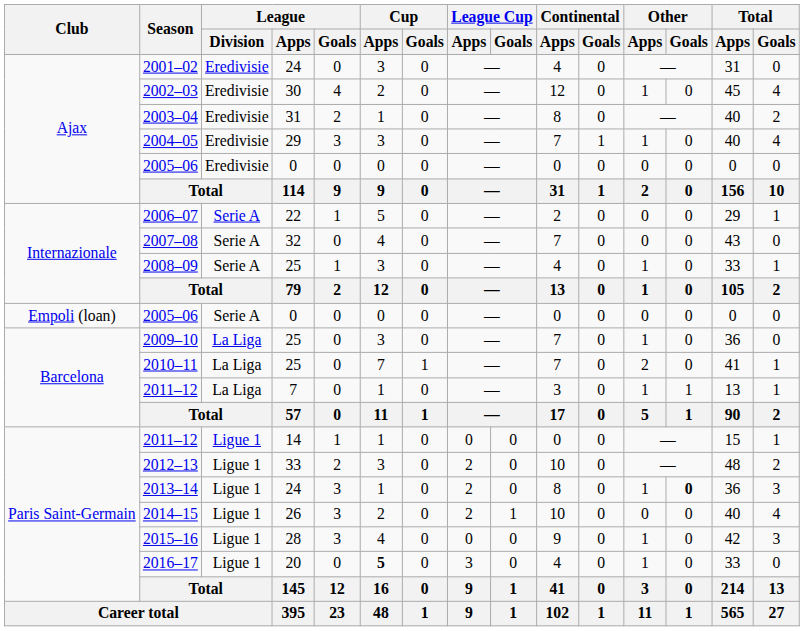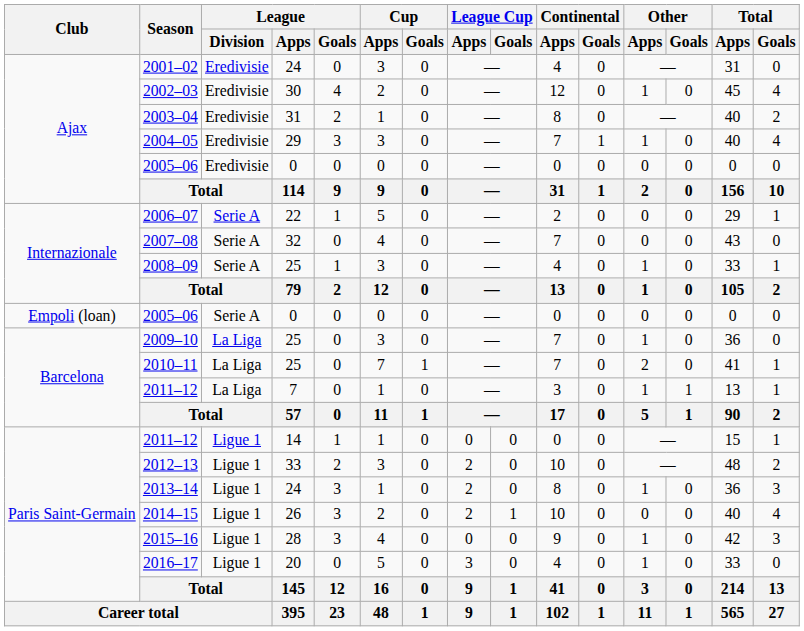 <table class="wikitable" style="text-align: center;">
 <tr>
 <th rowspan="2">Club</th>
 <th rowspan="2">Season</th>
 <th colspan="3">League</th>
 <th colspan="2">Cup</th>
 <th colspan="2"><a href='#'>League Cup</a></th>
 <th colspan="2">Continental</th>
 <th colspan="2">Other</th>
 <th colspan="2">Total</th>
 </tr>
 <tr>
 <th>Division</th>
 <th>Apps</th>
 <th>Goals</th>
 <th>Apps</th>
 <th>Goals</th>
 <th>Apps</th>
 <th>Goals</th>
 <th>Apps</th>
 <th>Goals</th>
 <th>Apps</th>
 <th>Goals</th>
 <th>Apps</th>
 <th>Goals</th>
 </tr>
 <tr>
 <td rowspan="6"><a href='#'>Ajax</a></td>
 <td><a href='#'>2001–02</a></td>
 <td><a href='#'>Eredivisie</a></td>
 <td>24</td>
 <td>0</td>
 <td>3</td>
 <td>0</td>
 <td colspan="2">—</td>
 <td>4</td>
 <td>0</td>
 <td colspan="2">—</td>
 <td>31</td>
 <td>0</td>
 </tr>
 <tr>
 <td><a href='#'>2002–03</a></td>
 <td>Eredivisie</td>
 <td>30</td>
 <td>4</td>
 <td>2</td>
 <td>0</td>
 <td colspan="2">—</td>
 <td>12</td>
 <td>0</td>
 <td>1</td>
 <td>0</td>
 <td>45</td>
 <td>4</td>
 </tr>
 <tr>
 <td><a href='#'>2003–04</a></td>
 <td>Eredivisie</td>
 <td>31</td>
 <td>2</td>
 <td>1</td>
 <td>0</td>
 <td colspan="2">—</td>
 <td>8</td>
 <td>0</td>
 <td colspan="2">—</td>
 <td>40</td>
 <td>2</td>
 </tr>
 <tr>
 <td><a href='#'>2004–05</a></td>
 <td>Eredivisie</td>
 <td>29</td>
 <td>3</td>
 <td>3</td>
 <td>0</td>
 <td colspan="2">—</td>
 <td>7</td>
 <td>1</td>
 <td>1</td>
 <td>0</td>
 <td>40</td>
 <td>4</td>
 </tr>
 <tr>
 <td><a href='#'>2005–06</a></td>
 <td>Eredivisie</td>
 <td>0</td>
 <td>0</td>
 <td>0</td>
 <td>0</td>
 <td colspan="2">—</td>
 <td>0</td>
 <td>0</td>
 <td>0</td>
 <td>0</td>
 <td>0</td>
 <td>0</td>
 </tr>
 <tr>
 <th colspan="2">Total</th>
 <th>114</th>
 <th>9</th>
 <th>9</th>
 <th>0</th>
 <th colspan="2">—</th>
 <th>31</th>
 <th>1</th>
 <th>2</th>
 <th>0</th>
 <th>156</th>
 <th>10</th>
 </tr>
 <tr>
 <td rowspan="4"><a href='#'>Internazionale</a></td>
 <td><a href='#'>2006–07</a></td>
 <td><a href='#'>Serie A</a></td>
 <td>22</td>
 <td>1</td>
 <td>5</td>
 <td>0</td>
 <td colspan="2">—</td>
 <td>2</td>
 <td>0</td>
 <td>0</td>
 <td>0</td>
 <td>29</td>
 <td>1</td>
 </tr>
 <tr>
 <td><a href='#'>2007–08</a></td>
 <td>Serie A</td>
 <td>32</td>
 <td>0</td>
 <td>4</td>
 <td>0</td>
 <td colspan="2">—</td>
 <td>7</td>
 <td>0</td>
 <td>0</td>
 <td>0</td>
 <td>43</td>
 <td>0</td>
 </tr>
 <tr>
 <td><a href='#'>2008–09</a></td>
 <td>Serie A</td>
 <td>25</td>
 <td>1</td>
 <td>3</td>
 <td>0</td>
 <td colspan="2">—</td>
 <td>4</td>
 <td>0</td>
 <td>1</td>
 <td>0</td>
 <td>33</td>
 <td>1</td>
 </tr>
 <tr>
 <th colspan="2">Total</th>
 <th>79</th>
 <th>2</th>
 <th>12</th>
 <th>0</th>
 <th colspan="2">—</th>
 <th>13</th>
 <th>0</th>
 <th>1</th>
 <th>0</th>
 <th>105</th>
 <th>2</th>
 </tr>
 <tr>
 <td><a href='#'>Empoli</a> (loan)</td>
 <td><a href='#'>2005–06</a></td>
 <td>Serie A</td>
 <td>0</td>
 <td>0</td>
 <td>0</td>
 <td>0</td>
 <td colspan="2">—</td>
 <td>0</td>
 <td>0</td>
 <td>0</td>
 <td>0</td>
 <td>0</td>
 <td>0</td>
 </tr>
 <tr>
 <td rowspan="4"><a href='#'>Barcelona</a></td>
 <td><a href='#'>2009–10</a></td>
 <td><a href='#'>La Liga</a></td>
 <td>25</td>
 <td>0</td>
 <td>3</td>
 <td>0</td>
 <td colspan="2">—</td>
 <td>7</td>
 <td>0</td>
 <td>1</td>
 <td>0</td>
 <td>36</td>
 <td>0</td>
 </tr>
 <tr>
 <td><a href='#'>2010–11</a></td>
 <td>La Liga</td>
 <td>25</td>
 <td>0</td>
 <td>7</td>
 <td>1</td>
 <td colspan="2">—</td>
 <td>7</td>
 <td>0</td>
 <td>2</td>
 <td>0</td>
 <td>41</td>
 <td>1</td>
 </tr>
 <tr>
 <td><a href='#'>2011–12</a></td>
 <td>La Liga</td>
 <td>7</td>
 <td>0</td>
 <td>1</td>
 <td>0</td>
 <td colspan="2">—</td>
 <td>3</td>
 <td>0</td>
 <td>1</td>
 <td>1</td>
 <td>13</td>
 <td>1</td>
 </tr>
 <tr>
 <th colspan="2">Total</th>
 <th>57</th>
 <th>0</th>
 <th>11</th>
 <th>1</th>
 <th colspan="2">—</th>
 <th>17</th>
 <th>0</th>
 <th>5</th>
 <th>1</th>
 <th>90</th>
 <th>2</th>
 </tr>
 <tr>
 <td rowspan="7"><a href='#'>Paris Saint-Germain</a></td>
 <td><a href='#'>2011–12</a></td>
 <td><a href='#'>Ligue 1</a></td>
 <td>14</td>
 <td>1</td>
 <td>1</td>
 <td>0</td>
 <td>0</td>
 <td>0</td>
 <td>0</td>
 <td>0</td>
 <td colspan="2">—</td>
 <td>15</td>
 <td>1</td>
 </tr>
 <tr>
 <td><a href='#'>2012–13</a></td>
 <td>Ligue 1</td>
 <td>33</td>
 <td>2</td>
 <td>3</td>
 <td>0</td>
 <td>2</td>
 <td>0</td>
 <td>10</td>
 <td>0</td>
 <td colspan="2">—</td>
 <td>48</td>
 <td>2</td>
 </tr>
 <tr>
 <td><a href='#'>2013–14</a></td>
 <td>Ligue 1</td>
 <td>24</td>
 <td>3</td>
 <td>1</td>
 <td>0</td>
 <td>2</td>
 <td>0</td>
 <td>8</td>
 <td>0</td>
 <td>1</td>
-<td><strong>0</strong></td>
+<td>0</td>
 <td>36</td>
 <td>3</td>
 </tr>
 <tr>
 <td><a href='#'>2014–15</a></td>
 <td>Ligue 1</td>
 <td>26</td>
 <td>3</td>
 <td>2</td>
 <td>0</td>
 <td>2</td>
 <td>1</td>
 <td>10</td>
 <td>0</td>
 <td>0</td>
 <td>0</td>
 <td>40</td>
 <td>4</td>
 </tr>
 <tr>
 <td><a href='#'>2015–16</a></td>
 <td>Ligue 1</td>
 <td>28</td>
 <td>3</td>
 <td>4</td>
 <td>0</td>
 <td>0</td>
 <td>0</td>
 <td>9</td>
 <td>0</td>
 <td>1</td>
 <td>0</td>
 <td>42</td>
 <td>3</td>
 </tr>
 <tr>
 <td><a href='#'>2016–17</a></td>
 <td>Ligue 1</td>
 <td>20</td>
 <td>0</td>
-<td><strong>5</strong></td>
+<td>5</td>
 <td>0</td>
 <td>3</td>
 <td>0</td>
 <td>4</td>
 <td>0</td>
 <td>1</td>
 <td>0</td>
 <td>33</td>
 <td>0</td>
 </tr>
 <tr>
 <th colspan="2">Total</th>
 <th>145</th>
 <th>12</th>
 <th>16</th>
 <th>0</th>
 <th>9</th>
 <th>1</th>
 <th>41</th>
 <th>0</th>
 <th>3</th>
 <th>0</th>
 <th>214</th>
 <th>13</th>
 </tr>
 <tr>
 <th colspan="3">Career total</th>
 <th>395</th>
 <th>23</th>
 <th>48</th>
 <th>1</th>
 <th>9</th>
 <th>1</th>
 <th>102</th>
 <th>1</th>
 <th>11</th>
 <th>1</th>
 <th>565</th>
 <th>27</th>
 </tr>
 </table>
